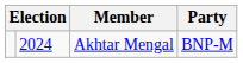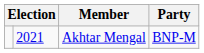 <table class="wikitable">
 <tr>
 <th colspan="2">Election</th>
 <th>Member</th>
 <th>Party</th>
 </tr>
 <tr>
 <td style="background-color: "></td>
-<td><a href='#'>2024</a></td>
+<td><a href='#'>2021</a></td>
 <td><a href='#'>Akhtar Mengal</a></td>
 <td><a href='#'>BNP-M</a></td>
 </tr>
 </table>
